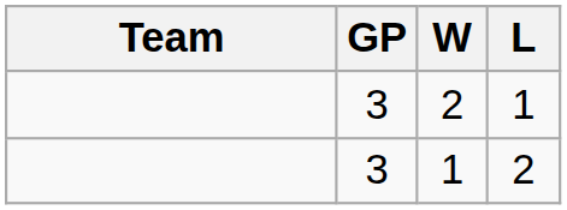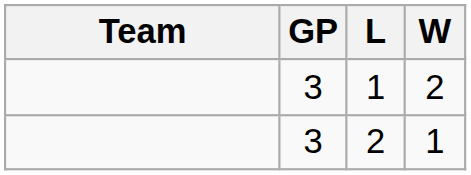 <table class="wikitable" style="text-align:center">
 <tr>
 <th width="120">Team</th>
 <th width="20">GP</th>
+<th width="20">L</th>
 <th width="20">W</th>
-<th width="20">L</th>
+</tr>
+<tr>
+<td align=left></td>
+<td>3</td>
+<td>1</td>
+<td>2</td>
 </tr>
 <tr>
 <td align=left></td>
 <td>3</td>
 <td>2</td>
 <td>1</td>
 </tr>
-<tr>
-<td align=left></td>
-<td>3</td>
-<td>1</td>
-<td>2</td>
-</tr>
 </table>
